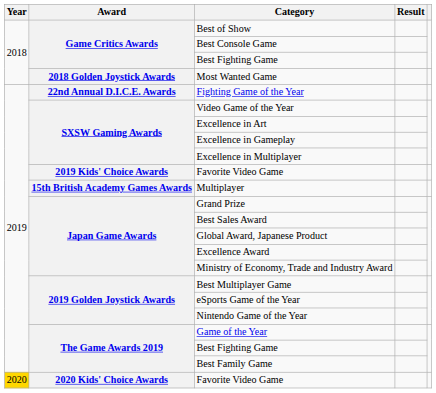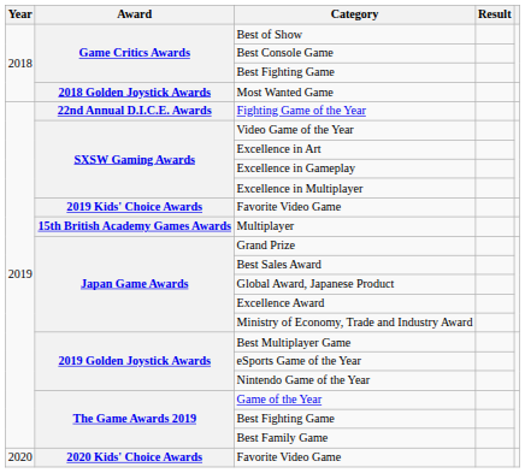 <table class="wikitable sortable plainrowheaders">
 <tr>
 <th>Year</th>
 <th>Award</th>
 <th>Category</th>
 <th>Result</th>
 <th></th>
 </tr>
 <tr>
 <td rowspan="4" style="text-align:center;">2018</td>
 <th scope="row" rowspan="3"><a href='#'>Game Critics Awards</a></th>
 <td>Best of Show</td>
 <td></td>
 <td rowspan="3" style="text-align:center;"></td>
 </tr>
 <tr>
 <td>Best Console Game</td>
 <td></td>
 </tr>
 <tr>
 <td>Best Fighting Game</td>
 <td></td>
 </tr>
 <tr>
 <th scope="row"><a href='#'>2018 Golden Joystick Awards</a></th>
 <td>Most Wanted Game</td>
 <td></td>
 <td style="text-align:center;"></td>
 </tr>
 <tr>
 <td rowspan="18">2019</td>
 <th scope="row"><a href='#'>22nd Annual D.I.C.E. Awards</a></th>
 <td><a href='#'>Fighting Game of the Year</a></td>
 <td></td>
 <td style="text-align:center;"></td>
 </tr>
 <tr>
 <th scope="row" rowspan="4"><a href='#'>SXSW Gaming Awards</a></th>
 <td>Video Game of the Year</td>
 <td></td>
 <td rowspan="4" style="text-align:center;"></td>
 </tr>
 <tr>
 <td>Excellence in Art</td>
 <td></td>
 </tr>
 <tr>
 <td>Excellence in Gameplay</td>
 <td></td>
 </tr>
 <tr>
 <td>Excellence in Multiplayer</td>
 <td></td>
 </tr>
 <tr>
 <th scope="row"><a href='#'>2019 Kids' Choice Awards</a></th>
 <td>Favorite Video Game</td>
 <td></td>
 <td style="text-align:center;"></td>
 </tr>
 <tr>
 <th scope="row"><a href='#'>15th British Academy Games Awards</a></th>
 <td>Multiplayer</td>
 <td></td>
 <td style="text-align:center;"></td>
 </tr>
 <tr>
 <th scope="row" rowspan="5"><a href='#'>Japan Game Awards</a></th>
 <td>Grand Prize</td>
 <td></td>
 <td rowspan="5" style="text-align:center;"></td>
 </tr>
 <tr>
 <td>Best Sales Award</td>
 <td></td>
 </tr>
 <tr>
 <td>Global Award, Japanese Product</td>
 <td></td>
 </tr>
 <tr>
 <td>Excellence Award</td>
 <td></td>
 </tr>
 <tr>
 <td>Ministry of Economy, Trade and Industry Award</td>
 <td></td>
 </tr>
 <tr>
 <th scope="row" rowspan="3"><a href='#'>2019 Golden Joystick Awards</a></th>
 <td>Best Multiplayer Game</td>
 <td></td>
 <td rowspan="3" style="text-align:center;"></td>
 </tr>
 <tr>
 <td>eSports Game of the Year</td>
 <td></td>
 </tr>
 <tr>
 <td>Nintendo Game of the Year</td>
 <td></td>
 </tr>
 <tr>
 <th scope="row" rowspan="3"><a href='#'>The Game Awards 2019</a></th>
 <td><a href='#'>Game of the Year</a></td>
 <td></td>
 <td rowspan="3" style="text-align:center;"></td>
 </tr>
 <tr>
 <td>Best Fighting Game</td>
 <td></td>
 </tr>
 <tr>
 <td>Best Family Game</td>
 <td></td>
 </tr>
 <tr>
-<td rowspan="1" style="background: gold; text-align:center;">2020</td>
+<td rowspan="1" style="text-align:center;">2020</td>
 <th scope="row"><a href='#'>2020 Kids' Choice Awards</a></th>
 <td>Favorite Video Game</td>
 <td></td>
 <td style="text-align:center;"></td>
 </tr>
 </table>
